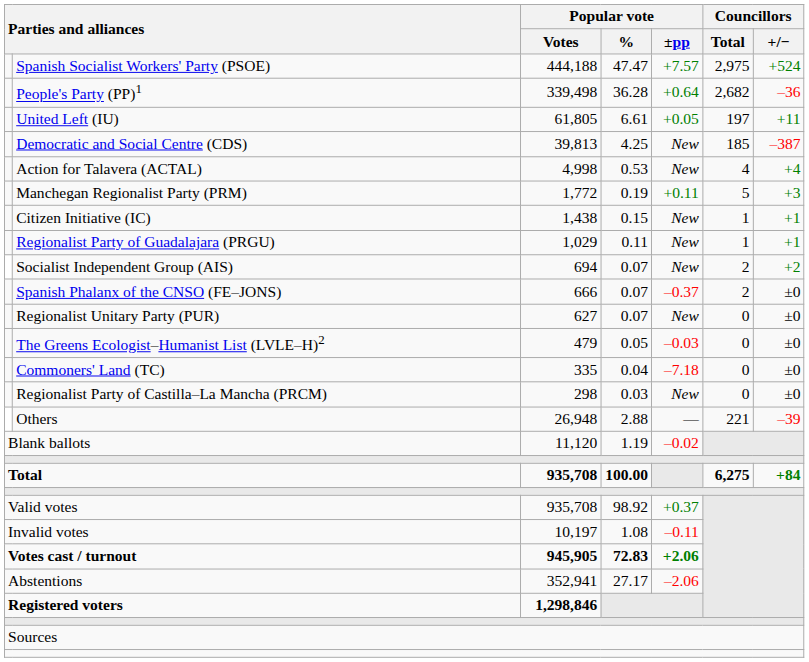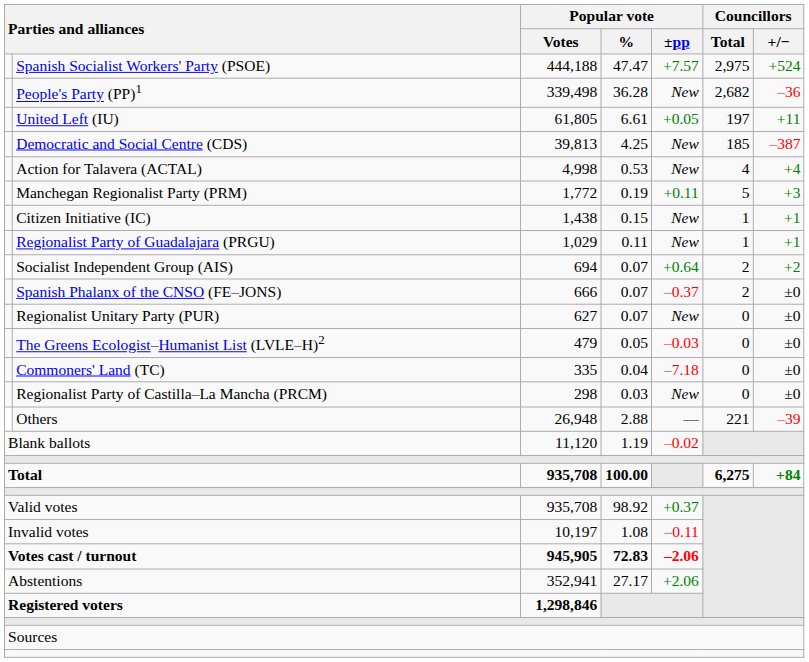 <table class="wikitable" style="text-align:right;">
 <tr>
 <th style="text-align:left;" rowspan="2" colspan="2" width="525">Parties and alliances</th>
 <th colspan="3">Popular vote</th>
 <th colspan="2">Councillors</th>
 </tr>
 <tr>
 <th width="75">Votes</th>
 <th width="45">%</th>
 <th width="45">±<a href='#'>pp</a></th>
 <th width="45">Total</th>
 <th width="45">+/−</th>
 </tr>
 <tr>
 <td width="1" style="color:inherit;background:"></td>
 <td align="left"><a href='#'>Spanish Socialist Workers' Party</a> (PSOE)</td>
 <td>444,188</td>
 <td>47.47</td>
 <td style="color:green;">+7.57</td>
 <td>2,975</td>
 <td style="color:green;">+524</td>
 </tr>
 <tr>
 <td style="color:inherit;background:"></td>
 <td align="left"><a href='#'>People's Party</a> (PP)<sup>1</sup></td>
 <td>339,498</td>
 <td>36.28</td>
-<td style="color:green;">+0.64</td>
+<td><em>New</em></td>
 <td>2,682</td>
 <td style="color:red;">–36</td>
 </tr>
 <tr>
 <td style="color:inherit;background:"></td>
 <td align="left"><a href='#'>United Left</a> (IU)</td>
 <td>61,805</td>
 <td>6.61</td>
 <td style="color:green;">+0.05</td>
 <td>197</td>
 <td style="color:green;">+11</td>
 </tr>
 <tr>
 <td style="color:inherit;background:"></td>
 <td align="left"><a href='#'>Democratic and Social Centre</a> (CDS)</td>
 <td>39,813</td>
 <td>4.25</td>
 <td><em>New</em></td>
 <td>185</td>
 <td style="color:red;">–387</td>
 </tr>
 <tr>
 <td style="color:inherit;background:"></td>
 <td align="left">Action for Talavera (ACTAL)</td>
 <td>4,998</td>
 <td>0.53</td>
 <td><em>New</em></td>
 <td>4</td>
 <td style="color:green;">+4</td>
 </tr>
 <tr>
 <td style="color:inherit;background:"></td>
 <td align="left">Manchegan Regionalist Party (PRM)</td>
 <td>1,772</td>
 <td>0.19</td>
 <td style="color:green;">+0.11</td>
 <td>5</td>
 <td style="color:green;">+3</td>
 </tr>
 <tr>
 <td style="color:inherit;background:"></td>
 <td align="left">Citizen Initiative (IC)</td>
 <td>1,438</td>
 <td>0.15</td>
 <td><em>New</em></td>
 <td>1</td>
 <td style="color:green;">+1</td>
 </tr>
 <tr>
 <td style="color:inherit;background:"></td>
 <td align="left"><a href='#'>Regionalist Party of Guadalajara</a> (PRGU)</td>
 <td>1,029</td>
 <td>0.11</td>
 <td><em>New</em></td>
 <td>1</td>
 <td style="color:green;">+1</td>
 </tr>
 <tr>
 <td bgcolor="white"></td>
 <td align="left">Socialist Independent Group (AIS)</td>
 <td>694</td>
 <td>0.07</td>
-<td><em>New</em></td>
+<td style="color:green;">+0.64</td>
 <td>2</td>
 <td style="color:green;">+2</td>
 </tr>
 <tr>
 <td style="color:inherit;background:"></td>
 <td align="left"><a href='#'>Spanish Phalanx of the CNSO</a> (FE–JONS)</td>
 <td>666</td>
 <td>0.07</td>
 <td style="color:red;">–0.37</td>
 <td>2</td>
 <td>±0</td>
 </tr>
 <tr>
 <td style="color:inherit;background:"></td>
 <td align="left">Regionalist Unitary Party (PUR)</td>
 <td>627</td>
 <td>0.07</td>
 <td><em>New</em></td>
 <td>0</td>
 <td>±0</td>
 </tr>
 <tr>
 <td style="color:inherit;background:"></td>
 <td align="left"><a href='#'>The Greens Ecologist</a>–<a href='#'>Humanist List</a> (LVLE–H)<sup>2</sup></td>
 <td>479</td>
 <td>0.05</td>
 <td style="color:red;">–0.03</td>
 <td>0</td>
 <td>±0</td>
 </tr>
 <tr>
 <td style="color:inherit;background:"></td>
 <td align="left"><a href='#'>Commoners' Land</a> (TC)</td>
 <td>335</td>
 <td>0.04</td>
 <td style="color:red;">–7.18</td>
 <td>0</td>
 <td>±0</td>
 </tr>
 <tr>
 <td style="color:inherit;background:"></td>
 <td align="left">Regionalist Party of Castilla–La Mancha (PRCM)</td>
 <td>298</td>
 <td>0.03</td>
 <td><em>New</em></td>
 <td>0</td>
 <td>±0</td>
 </tr>
 <tr>
 <td bgcolor="white"></td>
 <td align="left">Others</td>
 <td>26,948</td>
 <td>2.88</td>
 <td>—</td>
 <td>221</td>
 <td style="color:red;">–39</td>
 </tr>
 <tr>
 <td align="left" colspan="2">Blank ballots</td>
 <td>11,120</td>
 <td>1.19</td>
 <td style="color:red;">–0.02</td>
 <td bgcolor="#E9E9E9" colspan="2"></td>
 </tr>
 <tr>
 <td colspan="7" bgcolor="#E9E9E9"></td>
 </tr>
 <tr style="font-weight:bold;">
 <td align="left" colspan="2">Total</td>
 <td>935,708</td>
 <td>100.00</td>
 <td bgcolor="#E9E9E9"></td>
 <td>6,275</td>
 <td style="color:green;">+84</td>
 </tr>
 <tr>
 <td colspan="7" bgcolor="#E9E9E9"></td>
 </tr>
 <tr>
 <td align="left" colspan="2">Valid votes</td>
 <td>935,708</td>
 <td>98.92</td>
 <td style="color:green;">+0.37</td>
 <td bgcolor="#E9E9E9" colspan="2" rowspan="5"></td>
 </tr>
 <tr>
 <td align="left" colspan="2">Invalid votes</td>
 <td>10,197</td>
 <td>1.08</td>
 <td style="color:red;">–0.11</td>
 </tr>
 <tr style="font-weight:bold;">
 <td align="left" colspan="2">Votes cast / turnout</td>
 <td>945,905</td>
 <td>72.83</td>
-<td style="color:green;">+2.06</td>
+<td style="color:red;">–2.06</td>
 </tr>
 <tr>
 <td align="left" colspan="2">Abstentions</td>
 <td>352,941</td>
 <td>27.17</td>
-<td style="color:red;">–2.06</td>
+<td style="color:green;">+2.06</td>
 </tr>
 <tr style="font-weight:bold;">
 <td align="left" colspan="2">Registered voters</td>
 <td>1,298,846</td>
 <td bgcolor="#E9E9E9" colspan="2"></td>
 </tr>
 <tr>
 <td colspan="7" bgcolor="#E9E9E9"></td>
 </tr>
 <tr>
 <td align="left" colspan="7">Sources</td>
 </tr>
 <tr>
 <td colspan="7" style="text-align:left; max-width:790px;"></td>
 </tr>
 </table>
